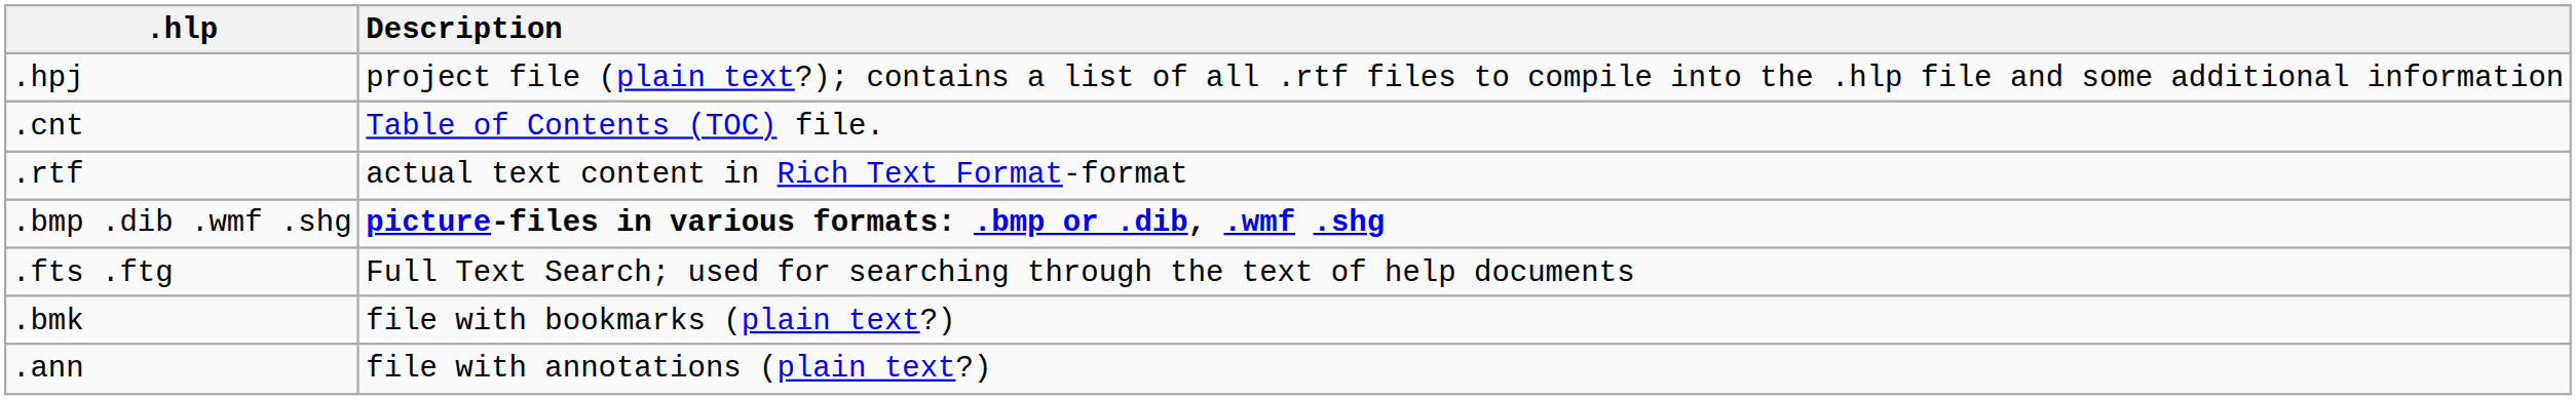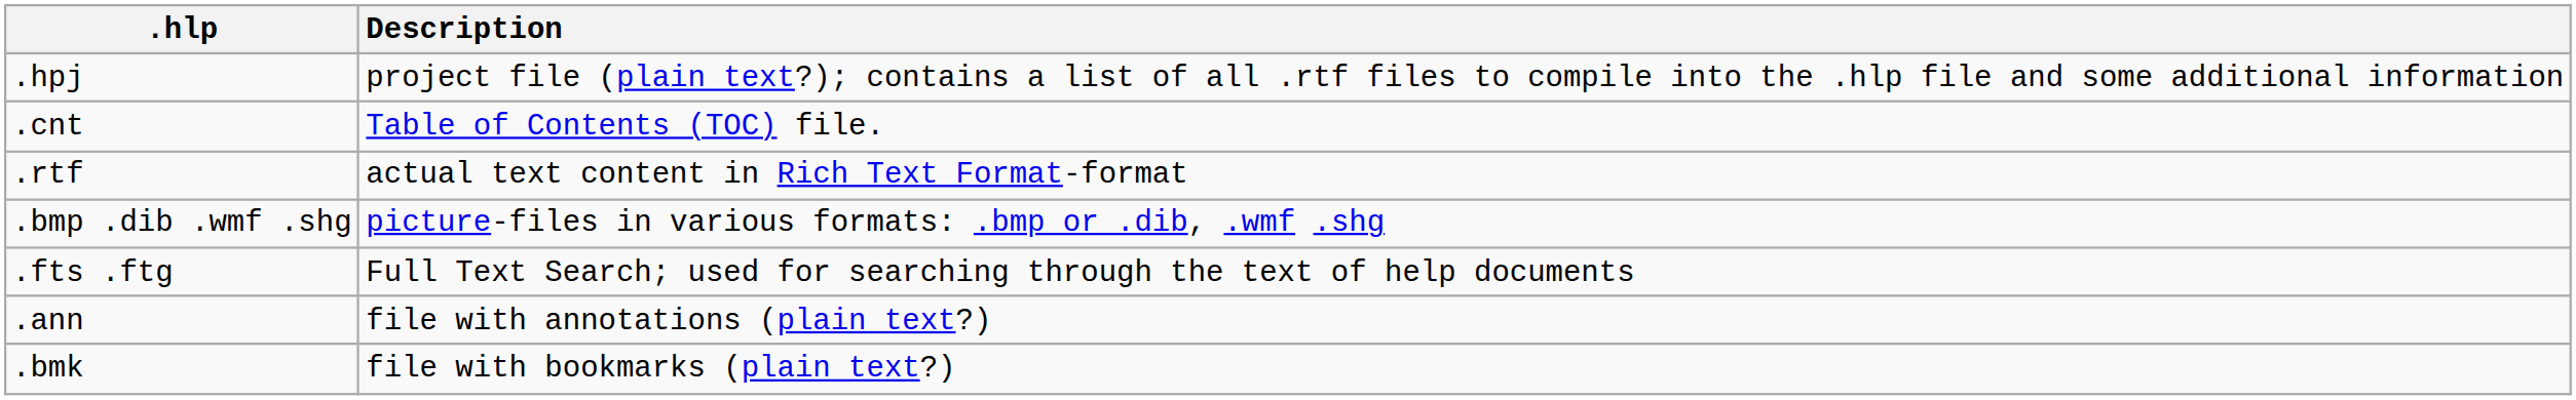 <table class="wikitable" style="text-align:left;">
 <tr>
 <th>.hlp</th>
 <th style="text-align:left;">Description</th>
 </tr>
 <tr>
 <td>.hpj</td>
 <td>project file (<a href='#'>plain text</a>?); contains a list of all .rtf files to compile into the .hlp file and some additional information</td>
 </tr>
 <tr>
 <td>.cnt</td>
 <td><a href='#'>Table of Contents (TOC)</a> file.</td>
 </tr>
 <tr>
 <td>.rtf</td>
 <td>actual text content in <a href='#'>Rich Text Format</a>-format</td>
 </tr>
 <tr>
 <td>.bmp .dib .wmf .shg</td>
-<td><strong><a href='#'>picture</a>-files in various formats: <a href='#'>.bmp or .dib</a>, <a href='#'>.wmf</a> <a href='#'>.shg</a></strong></td>
+<td><a href='#'>picture</a>-files in various formats: <a href='#'>.bmp or .dib</a>, <a href='#'>.wmf</a> <a href='#'>.shg</a></td>
 </tr>
 <tr>
 <td>.fts .ftg</td>
 <td>Full Text Search; used for searching through the text of help documents</td>
 </tr>
 <tr>
+<td>.ann</td>
+<td>file with annotations (<a href='#'>plain text</a>?)</td>
+</tr>
+<tr>
 <td>.bmk</td>
 <td>file with bookmarks (<a href='#'>plain text</a>?)</td>
 </tr>
-<tr>
-<td>.ann</td>
-<td>file with annotations (<a href='#'>plain text</a>?)</td>
-</tr>
 </table>
